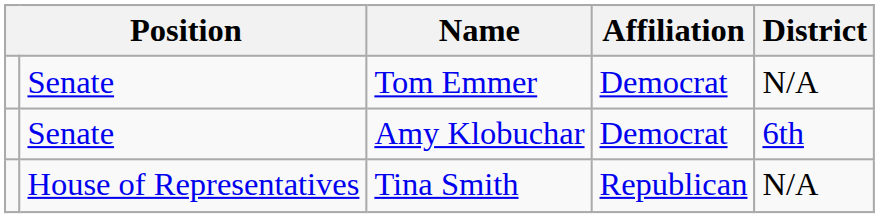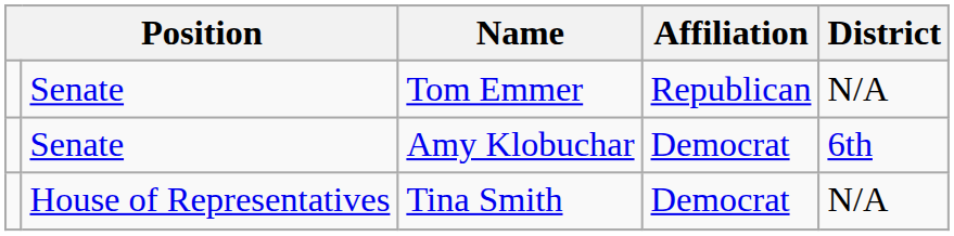 <table class="wikitable">
 <tr>
 <th colspan="2">Position</th>
 <th>Name</th>
 <th>Affiliation</th>
 <th>District</th>
 </tr>
 <tr>
 <td style="background-color:"></td>
 <td><a href='#'>Senate</a></td>
 <td><a href='#'>Tom Emmer</a></td>
-<td><a href='#'>Democrat</a></td>
+<td><a href='#'>Republican</a></td>
 <td>N/A</td>
 </tr>
 <tr>
 <td style="background-color:"></td>
 <td><a href='#'>Senate</a></td>
 <td><a href='#'>Amy Klobuchar</a></td>
 <td><a href='#'>Democrat</a></td>
 <td><a href='#'>6th</a></td>
 </tr>
 <tr>
 <td style="background-color:"></td>
 <td><a href='#'>House of Representatives</a></td>
 <td><a href='#'>Tina Smith</a></td>
-<td><a href='#'>Republican</a></td>
+<td><a href='#'>Democrat</a></td>
 <td>N/A</td>
 </tr>
 </table>
